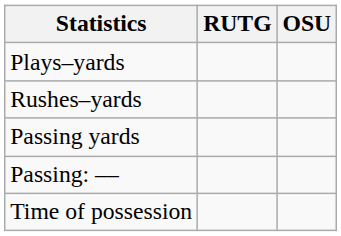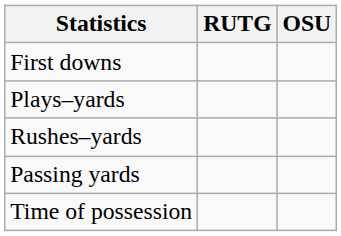 <table class="wikitable" style="float:left">
 <tr>
 <th>Statistics</th>
 <th>RUTG</th>
 <th>OSU</th>
+</tr>
+<tr>
+<td>First downs</td>
+<td></td>
+<td></td>
 </tr>
 <tr>
 <td>Plays–yards</td>
 <td></td>
 <td></td>
 </tr>
 <tr>
 <td>Rushes–yards</td>
 <td></td>
 <td></td>
 </tr>
 <tr>
 <td>Passing yards</td>
 <td></td>
 <td></td>
 </tr>
 <tr>
-<td>Passing: ––</td>
-<td></td>
-<td></td>
-</tr>
-<tr>
 <td>Time of possession</td>
 <td></td>
 <td></td>
 </tr>
 </table>
